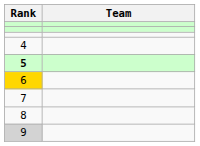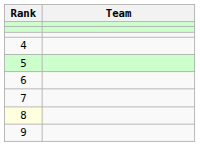 <table class="wikitable" style="text-align: center;">
 <tr>
 <th width=40>Rank</th>
 <th width=180>Team</th>
 </tr>
 <tr align=center; bgcolor=#ccffcc>
 <td></td>
 <td style="text-align:left;"></td>
 </tr>
 <tr align=center; bgcolor=#ccffcc>
 <td></td>
 <td style="text-align:left;"></td>
 </tr>
 <tr>
 <td></td>
 <td style="text-align:left;"></td>
 </tr>
 <tr align=center>
 <td>4</td>
 <td style="text-align:left;"></td>
 </tr>
 <tr align=center; bgcolor=#ccffcc>
-<td><strong>5</strong></td>
+<td>5</td>
 <td style="text-align:left;"></td>
 </tr>
 <tr align=center>
-<td style="background: gold;">6</td>
+<td>6</td>
 <td style="text-align:left;"></td>
 </tr>
 <tr align=center>
 <td>7</td>
 <td style="text-align:left;"></td>
 </tr>
 <tr align=center>
-<td>8</td>
+<td style="background: lightyellow;">8</td>
 <td style="text-align:left;"></td>
 </tr>
 <tr align=center>
-<td style="background: lightgrey;">9</td>
+<td>9</td>
 <td style="text-align:left;"></td>
 </tr>
 </table>
